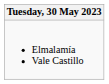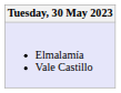 <table class="wikitable">
 <tr>
 <th>Tuesday, 30 May 2023</th>
 </tr>
 <tr valign="top">
-<td><br><ul><li>Elmalamía</li><li>Vale Castillo</li></ul></td>
+<td style="background: lavender;"><br><ul><li>Elmalamía</li><li>Vale Castillo</li></ul></td>
 </tr>
 </table>
